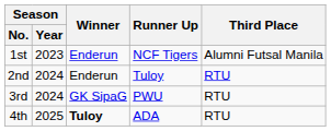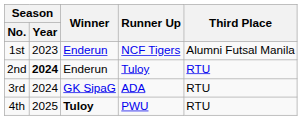 <table class="wikitable">
 <tr>
 <th colspan=2>Season</th>
 <th rowspan=2>Winner</th>
 <th rowspan=2>Runner Up</th>
 <th rowspan=2>Third Place</th>
 </tr>
 <tr>
 <th>No.</th>
 <th>Year</th>
 </tr>
 <tr>
 <td align=center>1st</td>
 <td align=center>2023</td>
 <td><a href='#'>Enderun</a></td>
 <td><a href='#'>NCF Tigers</a></td>
 <td>Alumni Futsal Manila</td>
 </tr>
 <tr>
 <td align=center>2nd</td>
-<td align=center>2024</td>
+<td align=center><strong>2024</strong></td>
 <td>Enderun</td>
 <td><a href='#'>Tuloy</a></td>
 <td><a href='#'>RTU</a></td>
 </tr>
 <tr>
 <td align=center>3rd</td>
 <td align=center>2024</td>
 <td><a href='#'>GK SipaG</a></td>
-<td><a href='#'>PWU</a></td>
+<td><a href='#'>ADA</a></td>
 <td>RTU</td>
 </tr>
 <tr>
 <td align=center>4th</td>
 <td align=center>2025</td>
 <td><strong>Tuloy</strong></td>
-<td><a href='#'>ADA</a></td>
+<td><a href='#'>PWU</a></td>
 <td>RTU</td>
 </tr>
 </table>
